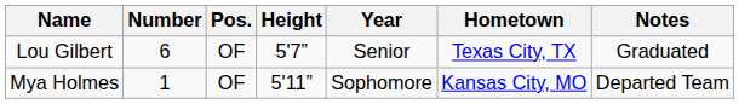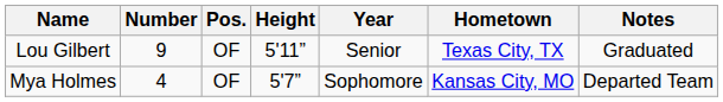 <table class="wikitable sortable collapsible">
 <tr>
 </tr>
 <tr>
 <th style="text-align:center; ">Name</th>
 <th style="text-align:center; ">Number</th>
 <th style="text-align:center; ">Pos.</th>
 <th style="text-align:center; ">Height</th>
 <th style="text-align:center; ">Year</th>
 <th style="text-align:center; ">Hometown</th>
 <th style="text-align:center; ">Notes</th>
 </tr>
 <tr align="center">
 <td>Lou Gilbert</td>
-<td>6</td>
+<td>9</td>
 <td>OF</td>
-<td>5'7”</td>
+<td>5'11”</td>
 <td>Senior</td>
 <td><a href='#'>Texas City, TX</a></td>
 <td>Graduated</td>
 </tr>
 <tr align="center">
 <td>Mya Holmes</td>
-<td>1</td>
+<td>4</td>
 <td>OF</td>
-<td>5'11”</td>
+<td>5'7”</td>
 <td>Sophomore</td>
 <td><a href='#'>Kansas City, MO</a></td>
 <td>Departed Team</td>
 </tr>
 </table>
